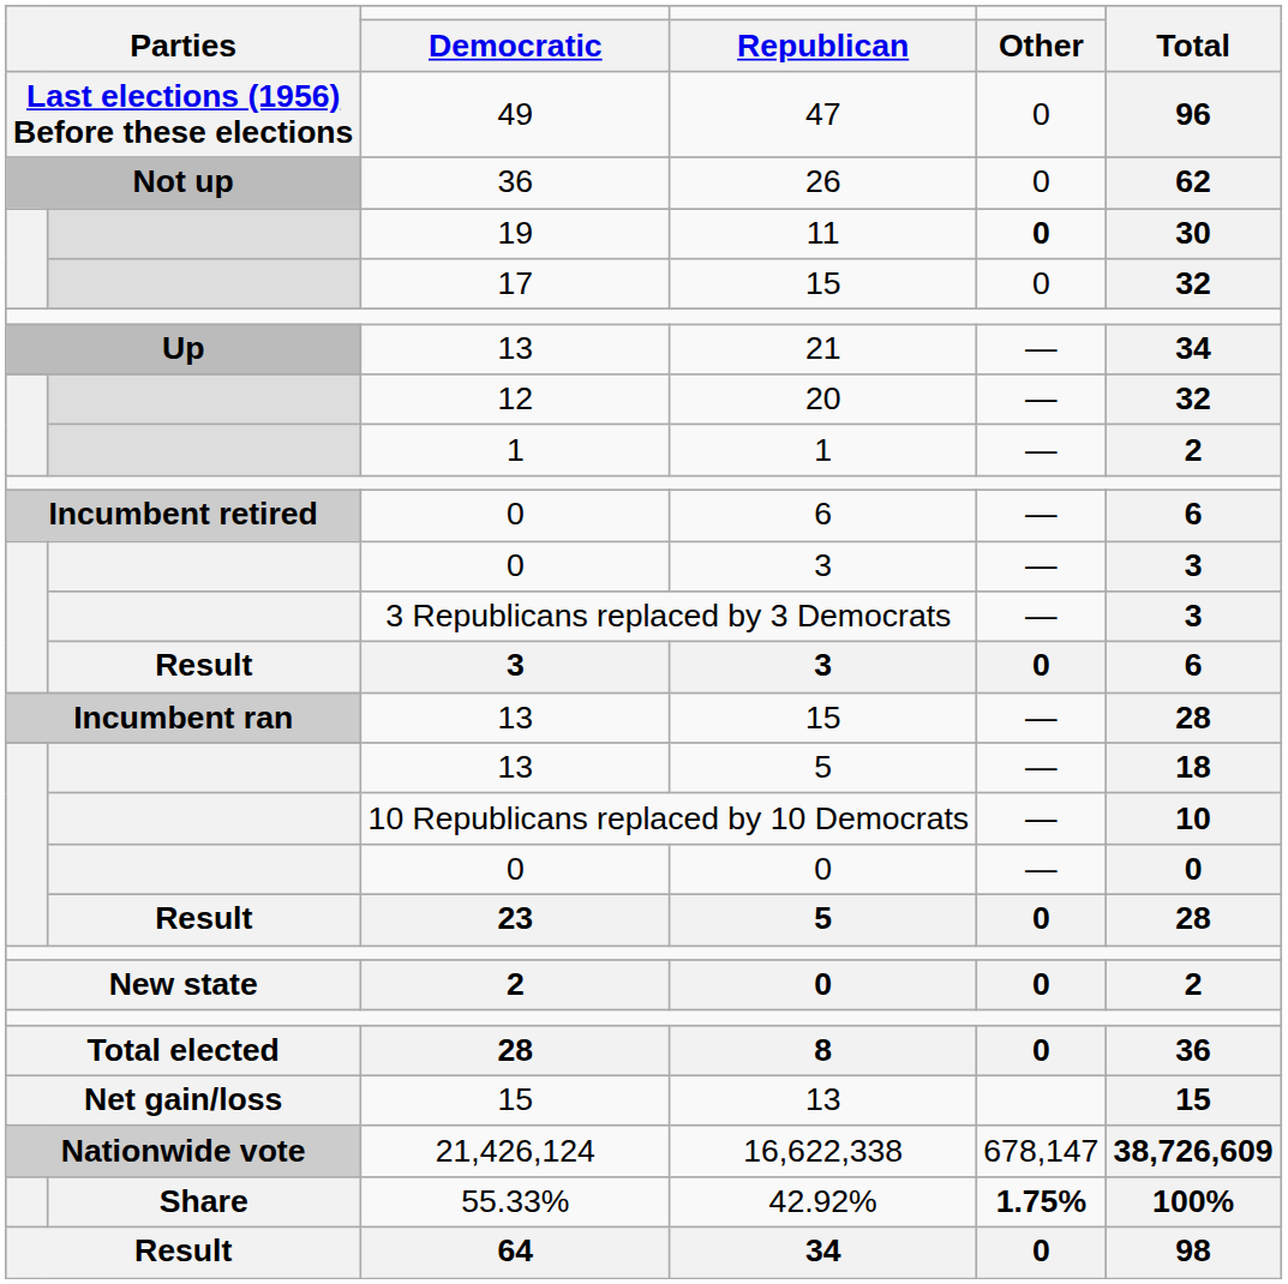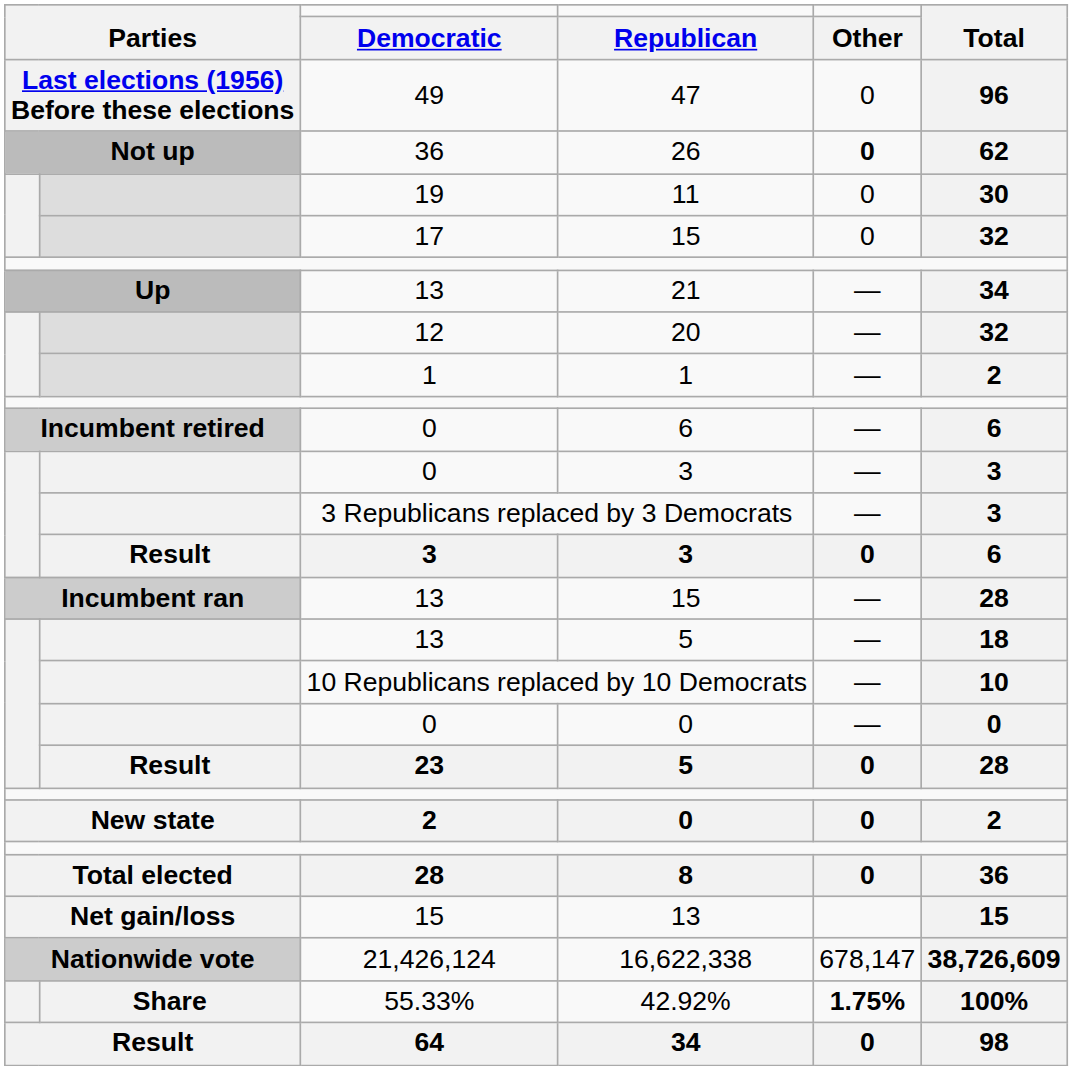 <table class=wikitable style=text-align:center>
 <tr valign=bottom>
 <th rowspan=2 colspan=2>Parties</th>
 <td style="background-color:"></td>
 <td style="background-color:"></td>
 <td style="background-color:"></td>
 <th rowspan=2>Total</th>
 </tr>
 <tr valign=bottom>
 <th><a href='#'>Democratic</a></th>
 <th><a href='#'>Republican</a></th>
 <th>Other</th>
 </tr>
 <tr>
 <th colspan=2><a href='#'>Last elections (1956)</a><br>Before these elections</th>
 <td>49</td>
 <td>47</td>
 <td>0</td>
 <th>96</th>
 </tr>
 <tr>
 <th colspan=2 style="background:#bbb">Not up</th>
 <td>36</td>
 <td>26</td>
-<td>0</td>
+<td><strong>0</strong></td>
 <th>62</th>
 </tr>
 <tr>
 <th rowspan=2></th>
 <th style="background:#ddd"></th>
 <td>19</td>
 <td>11</td>
-<td><strong>0</strong></td>
+<td>0</td>
 <th>30</th>
 </tr>
 <tr>
 <th style="background:#ddd"></th>
 <td>17</td>
 <td>15</td>
 <td>0</td>
 <th>32</th>
 </tr>
 <tr>
 <td colspan=100></td>
 </tr>
 <tr>
 <th colspan=2 style="background:#bbb">Up</th>
 <td>13</td>
 <td>21</td>
 <td>—</td>
 <th>34</th>
 </tr>
 <tr>
 <th rowspan=2></th>
 <th style="background:#ddd"></th>
 <td>12</td>
 <td>20</td>
 <td>—</td>
 <th>32</th>
 </tr>
 <tr>
 <th style="background:#ddd"></th>
 <td>1</td>
 <td>1</td>
 <td>—</td>
 <th>2</th>
 </tr>
 <tr>
 <td colspan=100></td>
 </tr>
 <tr>
 <th colspan=2 style="background:#ccc">Incumbent retired</th>
 <td>0</td>
 <td>6</td>
 <td>—</td>
 <th>6</th>
 </tr>
 <tr>
 <th rowspan=3></th>
 <th></th>
 <td>0</td>
 <td>3</td>
 <td>—</td>
 <th>3</th>
 </tr>
 <tr>
 <th></th>
 <td colspan=2 >3 Republicans replaced by 3 Democrats</td>
 <td>—</td>
 <th>3</th>
 </tr>
 <tr>
 <th>Result</th>
 <th>3</th>
 <th>3</th>
 <th>0</th>
 <th>6</th>
 </tr>
 <tr>
 <th colspan=2 style="background:#ccc">Incumbent ran</th>
 <td>13</td>
 <td>15</td>
 <td>—</td>
 <th>28</th>
 </tr>
 <tr>
 <th rowspan=4></th>
 <th></th>
 <td>13</td>
 <td>5</td>
 <td>—</td>
 <th>18</th>
 </tr>
 <tr>
 <th></th>
 <td colspan=2 >10 Republicans replaced by 10 Democrats</td>
 <td>—</td>
 <th>10</th>
 </tr>
 <tr>
 <th></th>
 <td>0</td>
 <td>0</td>
 <td>—</td>
 <th>0</th>
 </tr>
 <tr>
 <th>Result</th>
 <th>23</th>
 <th>5</th>
 <th>0</th>
 <th>28</th>
 </tr>
 <tr>
 <td colspan=100></td>
 </tr>
 <tr>
 <th colspan=2>New state</th>
 <th>2</th>
 <th>0</th>
 <th>0</th>
 <th>2</th>
 </tr>
 <tr>
 <td colspan=100></td>
 </tr>
 <tr>
 <th colspan=2>Total elected</th>
 <th>28</th>
 <th>8</th>
 <th>0</th>
 <th>36</th>
 </tr>
 <tr>
 <th colspan=2>Net gain/loss</th>
 <td>15</td>
 <td>13</td>
 <td></td>
 <th>15</th>
 </tr>
 <tr>
 <th colspan=2 style="background:#ccc">Nationwide vote</th>
 <td>21,426,124</td>
 <td>16,622,338</td>
 <td>678,147</td>
 <th>38,726,609</th>
 </tr>
 <tr>
 <th></th>
 <th>Share</th>
 <td>55.33%</td>
 <td>42.92%</td>
 <td><strong>1.75%</strong></td>
 <th>100%</th>
 </tr>
 <tr>
 <th colspan=2>Result</th>
 <th>64</th>
 <th>34</th>
 <th>0</th>
 <th>98</th>
 </tr>
 </table>
